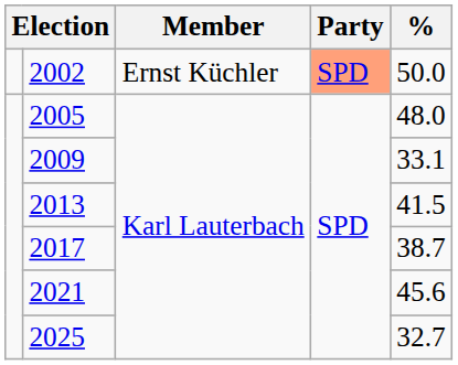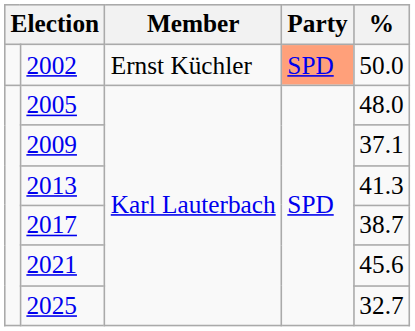 <table class=wikitable>
 <tr>
 <th colspan=2>Election</th>
 <th>Member</th>
 <th>Party</th>
 <th>%</th>
 </tr>
 <tr>
 <td bgcolor=></td>
 <td><a href='#'>2002</a></td>
 <td>Ernst Küchler</td>
 <td style="background: lightsalmon;"><a href='#'>SPD</a></td>
 <td align=right>50.0</td>
 </tr>
 <tr>
 <td rowspan="6"></td>
 <td><a href='#'>2005</a></td>
 <td rowspan="6"><a href='#'>Karl Lauterbach</a></td>
 <td rowspan="6"><a href='#'>SPD</a></td>
 <td align=right>48.0</td>
 </tr>
 <tr>
 <td><a href='#'>2009</a></td>
-<td align=right>33.1</td>
+<td align=right>37.1</td>
 </tr>
 <tr>
 <td><a href='#'>2013</a></td>
-<td align=right>41.5</td>
+<td align=right>41.3</td>
 </tr>
 <tr>
 <td><a href='#'>2017</a></td>
 <td align=right>38.7</td>
 </tr>
 <tr>
 <td><a href='#'>2021</a></td>
 <td align=right>45.6</td>
 </tr>
 <tr>
 <td><a href='#'>2025</a></td>
 <td align=right>32.7</td>
 </tr>
 </table>
